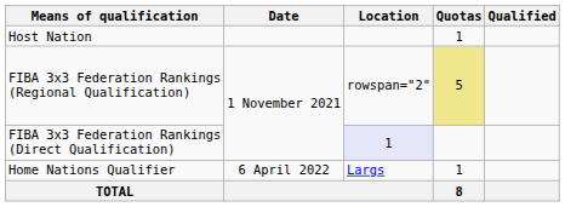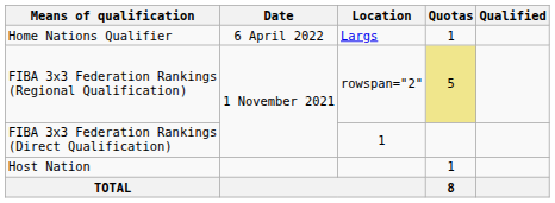 <table class="wikitable">
 <tr>
 <th>Means of qualification</th>
 <th>Date</th>
 <th>Location</th>
 <th>Quotas</th>
 <th>Qualified</th>
 </tr>
 <tr>
-<td>Host Nation</td>
-<td></td>
-<td></td>
+<td>Home Nations Qualifier</td>
+<td align=center>6 April 2022</td>
+<td> <a href='#'>Largs</a></td>
 <td align=center>1</td>
 <td></td>
 </tr>
 <tr>
 <td>FIBA 3x3 Federation Rankings<br>(Regional Qualification)</td>
 <td rowspan="2" align=center>1 November 2021</td>
 <td>rowspan="2" </td>
 <td align=center style="background: khaki;">5</td>
 <td><br><br><br><s></s><br><br></td>
 </tr>
 <tr>
 <td>FIBA 3x3 Federation Rankings<br>(Direct Qualification)</td>
-<td align=center style="background: lavender;">1</td>
+<td align=center>1</td>
 <td></td>
 </tr>
 <tr>
-<td>Home Nations Qualifier</td>
-<td align=center>6 April 2022</td>
-<td> <a href='#'>Largs</a></td>
+<td>Host Nation</td>
+<td></td>
+<td></td>
 <td align=center>1</td>
 <td></td>
 </tr>
 <tr>
 <th>TOTAL</th>
 <th colspan="2"></th>
 <th>8</th>
 <th></th>
 </tr>
 </table>
